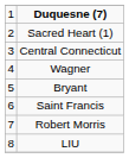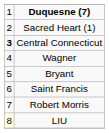 <table class="wikitable">
 <tr align="center">
 </tr>
 <tr align="center">
 <td>1</td>
 <td><strong>Duquesne (7)</strong></td>
 </tr>
 <tr align="center">
 <td>2</td>
 <td>Sacred Heart (1)</td>
 </tr>
 <tr align="center">
-<td>3</td>
+<td><strong>3</strong></td>
 <td>Central Connecticut</td>
 </tr>
 <tr align="center">
 <td>4</td>
 <td>Wagner</td>
 </tr>
 <tr align="center">
 <td>5</td>
 <td>Bryant</td>
 </tr>
 <tr align="center">
 <td>6</td>
 <td>Saint Francis</td>
 </tr>
 <tr align="center">
 <td>7</td>
 <td>Robert Morris</td>
 </tr>
 <tr align="center">
-<td>8</td>
+<td style="background: lightyellow;">8</td>
 <td>LIU</td>
 </tr>
 <tr>
 </tr>
 </table>
